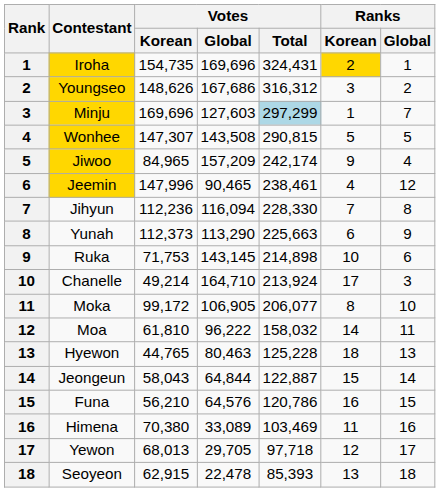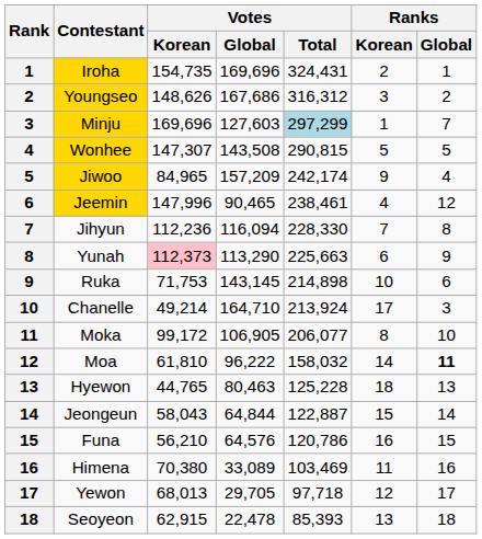 <table class="wikitable sortable" style="text-align: center">
 <tr>
 <th rowspan="2">Rank</th>
 <th class="unsortable" rowspan="2">Contestant</th>
 <th colspan="3">Votes</th>
 <th colspan="2">Ranks</th>
 </tr>
 <tr>
 <th>Korean</th>
 <th>Global</th>
 <th>Total </th>
 <th>Korean</th>
 <th>Global</th>
 </tr>
 <tr>
 <th>1</th>
 <td style="background:#FFD700">Iroha</td>
 <td>154,735</td>
 <td>169,696</td>
 <td>324,431</td>
-<td style="background: gold;">2</td>
+<td>2</td>
 <td>1</td>
 </tr>
 <tr>
 <th>2</th>
 <td style="background:#FFD700">Youngseo</td>
 <td>148,626</td>
 <td>167,686</td>
 <td>316,312</td>
 <td>3</td>
 <td>2</td>
 </tr>
 <tr>
 <th>3</th>
 <td style="background:#FFD700">Minju</td>
 <td>169,696</td>
 <td>127,603</td>
 <td style="background: lightblue;">297,299</td>
 <td>1</td>
 <td>7</td>
 </tr>
 <tr>
 <th>4</th>
 <td style="background:#FFD700">Wonhee</td>
 <td>147,307</td>
 <td>143,508</td>
 <td>290,815</td>
 <td>5</td>
 <td>5</td>
 </tr>
 <tr>
 <th>5</th>
 <td style="background:#FFD700">Jiwoo</td>
 <td>84,965</td>
 <td>157,209</td>
 <td>242,174</td>
 <td>9</td>
 <td>4</td>
 </tr>
 <tr>
 <th>6</th>
 <td style="background:#FFD700">Jeemin</td>
 <td>147,996</td>
 <td>90,465</td>
 <td>238,461</td>
 <td>4</td>
 <td>12</td>
 </tr>
 <tr>
 <th>7</th>
 <td>Jihyun</td>
 <td>112,236</td>
 <td>116,094</td>
 <td>228,330</td>
 <td>7</td>
 <td>8</td>
 </tr>
 <tr>
 <th>8</th>
 <td>Yunah</td>
-<td>112,373</td>
+<td style="background: pink;">112,373</td>
 <td>113,290</td>
 <td>225,663</td>
 <td>6</td>
 <td>9</td>
 </tr>
 <tr>
 <th>9</th>
 <td>Ruka</td>
 <td>71,753</td>
 <td>143,145</td>
 <td>214,898</td>
 <td>10</td>
 <td>6</td>
 </tr>
 <tr>
 <th>10</th>
 <td>Chanelle</td>
 <td>49,214</td>
 <td>164,710</td>
 <td>213,924</td>
 <td>17</td>
 <td>3</td>
 </tr>
 <tr>
 <th>11</th>
 <td>Moka</td>
 <td>99,172</td>
 <td>106,905</td>
 <td>206,077</td>
 <td>8</td>
 <td>10</td>
 </tr>
 <tr>
 <th>12</th>
 <td>Moa</td>
 <td>61,810</td>
 <td>96,222</td>
 <td>158,032</td>
 <td>14</td>
-<td>11</td>
+<td><strong>11</strong></td>
 </tr>
 <tr>
 <th>13</th>
 <td>Hyewon</td>
 <td>44,765</td>
 <td>80,463</td>
 <td>125,228</td>
 <td>18</td>
 <td>13</td>
 </tr>
 <tr>
 <th>14</th>
 <td>Jeongeun</td>
 <td>58,043</td>
 <td>64,844</td>
 <td>122,887</td>
 <td>15</td>
 <td>14</td>
 </tr>
 <tr>
 <th>15</th>
 <td>Funa</td>
 <td>56,210</td>
 <td>64,576</td>
 <td>120,786</td>
 <td>16</td>
 <td>15</td>
 </tr>
 <tr>
 <th>16</th>
 <td>Himena</td>
 <td>70,380</td>
 <td>33,089</td>
 <td>103,469</td>
 <td>11</td>
 <td>16</td>
 </tr>
 <tr>
 <th>17</th>
 <td>Yewon</td>
 <td>68,013</td>
 <td>29,705</td>
 <td>97,718</td>
 <td>12</td>
 <td>17</td>
 </tr>
 <tr>
 <th>18</th>
 <td>Seoyeon</td>
 <td>62,915</td>
 <td>22,478</td>
 <td>85,393</td>
 <td>13</td>
 <td>18</td>
 </tr>
 </table>
